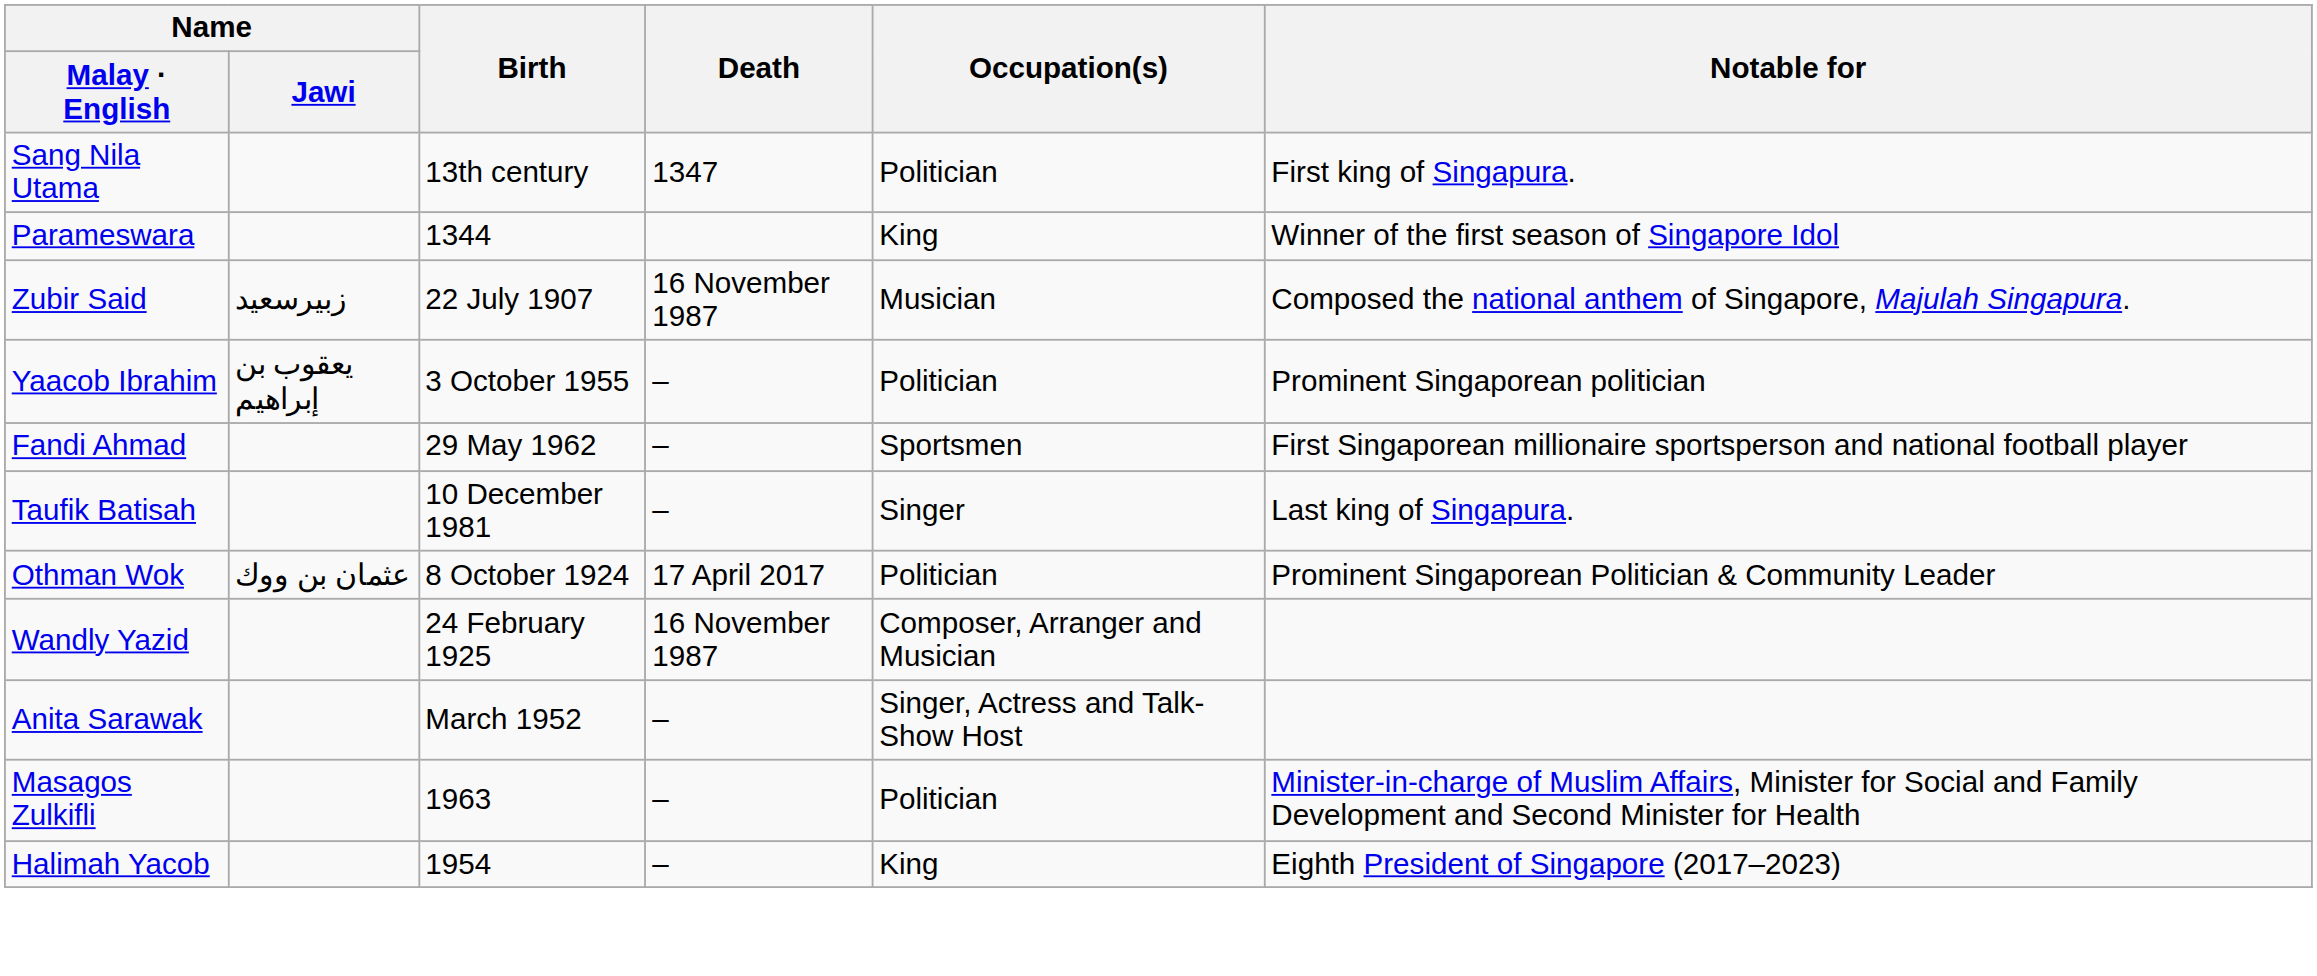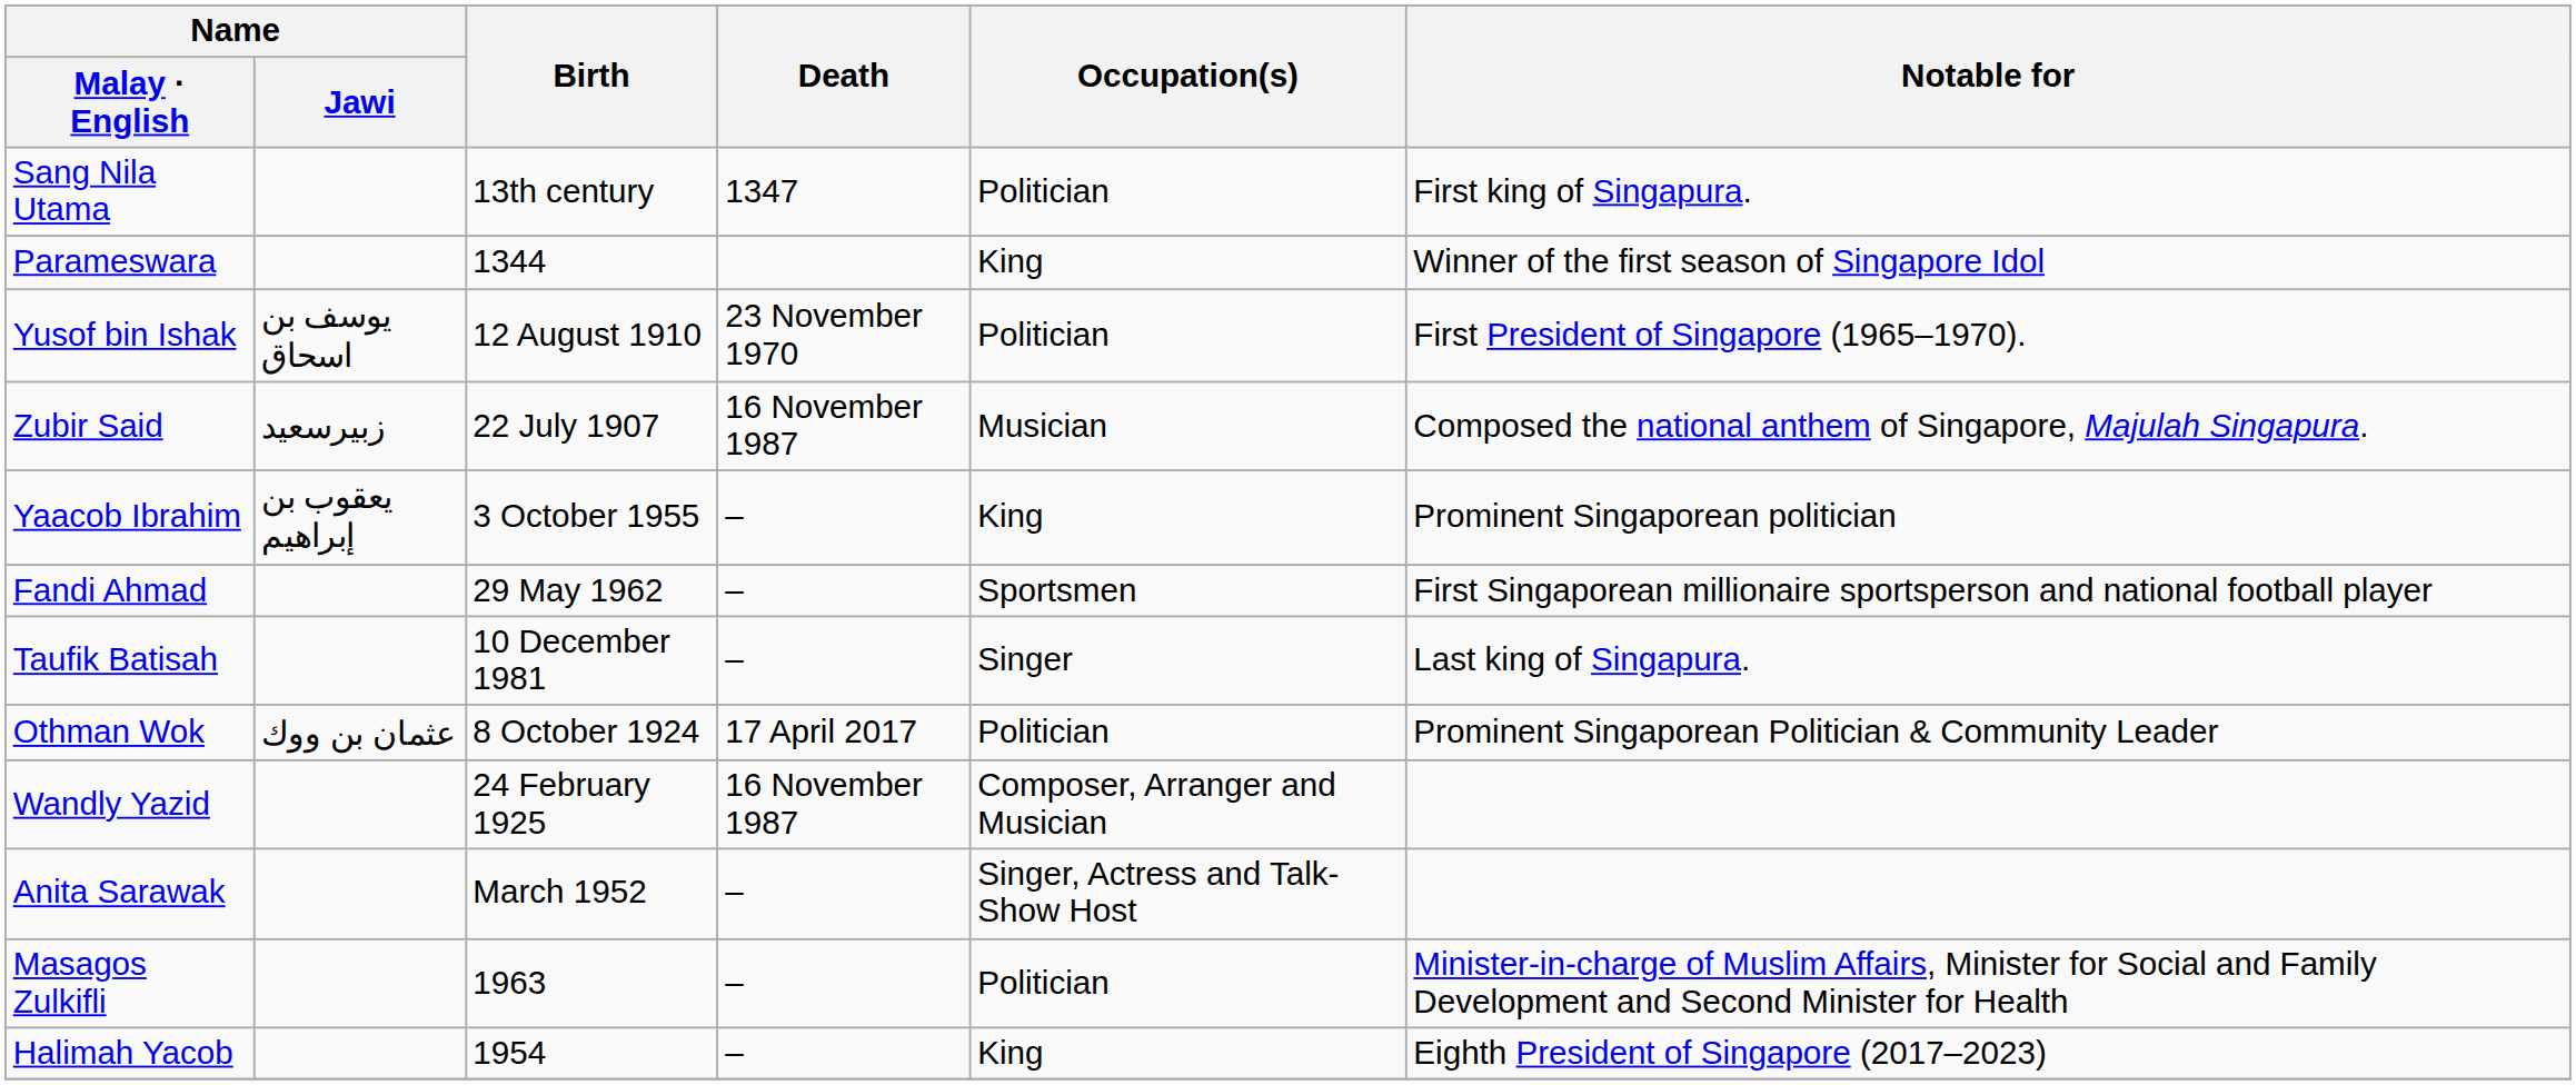 <table class="wikitable sortable">
 <tr>
 <th colspan = "2">Name</th>
 <th rowspan = "2">Birth</th>
 <th rowspan = "2">Death</th>
 <th rowspan = "2">Occupation(s)</th>
 <th rowspan = "2">Notable for</th>
 </tr>
 <tr>
 <th><a href='#'>Malay</a> · <a href='#'>English</a></th>
 <th><a href='#'>Jawi</a></th>
 </tr>
 <tr>
 <td><a href='#'>Sang Nila Utama</a></td>
 <td> </td>
 <td>13th century</td>
 <td>1347</td>
 <td>Politician</td>
 <td>First king of <a href='#'>Singapura</a>.</td>
 </tr>
 <tr>
 <td><a href='#'>Parameswara</a></td>
 <td> </td>
 <td>1344</td>
 <td></td>
 <td>King</td>
 <td>Winner of the first season of <a href='#'>Singapore Idol</a></td>
 </tr>
 <tr>
+<td><a href='#'>Yusof bin Ishak</a></td>
+<td>يوسف بن اسحاق</td>
+<td>‍12 August 1910</td>
+<td>23 November 1970</td>
+<td>Politician</td>
+<td>First <a href='#'>President of Singapore</a> (1965–1970).</td>
+</tr>
+<tr>
 <td><a href='#'>Zubir Said</a></td>
 <td>زبيرسعيد</td>
 <td>‍22 July 1907</td>
 <td>16 November 1987</td>
 <td>Musician</td>
 <td>Composed the <a href='#'>national anthem</a> of Singapore, <em><a href='#'>Majulah Singapura</a></em>.</td>
 </tr>
 <tr>
 <td><a href='#'>Yaacob Ibrahim</a></td>
 <td>يعقوب بن إبراهيم</td>
 <td>‍3 October 1955</td>
 <td>–</td>
-<td>Politician</td>
+<td>King</td>
 <td>Prominent Singaporean politician</td>
 </tr>
 <tr>
 <td><a href='#'>Fandi Ahmad</a></td>
 <td></td>
 <td>‍29 May 1962</td>
 <td>–</td>
 <td>Sportsmen</td>
 <td>First Singaporean millionaire sportsperson and national football player</td>
 </tr>
 <tr>
 <td><a href='#'>Taufik Batisah</a></td>
 <td></td>
 <td>‍10 December 1981</td>
 <td>–</td>
 <td>Singer</td>
 <td>Last king of <a href='#'>Singapura</a>.</td>
 </tr>
 <tr>
 <td><a href='#'>Othman Wok</a></td>
 <td>عثمان بن ووك</td>
 <td>‍8 October 1924</td>
 <td>17 April 2017</td>
 <td>Politician</td>
 <td>Prominent Singaporean Politician & Community Leader</td>
 </tr>
 <tr>
 <td><a href='#'>Wandly Yazid</a></td>
 <td></td>
 <td>24 February 1925</td>
 <td>16 November 1987</td>
 <td>Composer, Arranger and Musician</td>
 <td></td>
 </tr>
 <tr>
 <td><a href='#'>Anita Sarawak</a></td>
 <td></td>
 <td>March 1952</td>
 <td>–</td>
 <td>Singer, Actress and Talk-Show Host</td>
 <td></td>
 </tr>
 <tr>
 <td><a href='#'>Masagos Zulkifli</a></td>
 <td></td>
 <td>1963</td>
 <td>–</td>
 <td>Politician</td>
 <td><a href='#'>Minister-in-charge of Muslim Affairs</a>, Minister for Social and Family Development and Second Minister for Health</td>
 </tr>
 <tr>
 <td><a href='#'>Halimah Yacob</a></td>
 <td></td>
 <td>1954</td>
 <td>–</td>
 <td>King</td>
 <td>Eighth <a href='#'>President of Singapore</a> (2017–2023)</td>
 </tr>
 <tr>
 </tr>
 </table>
